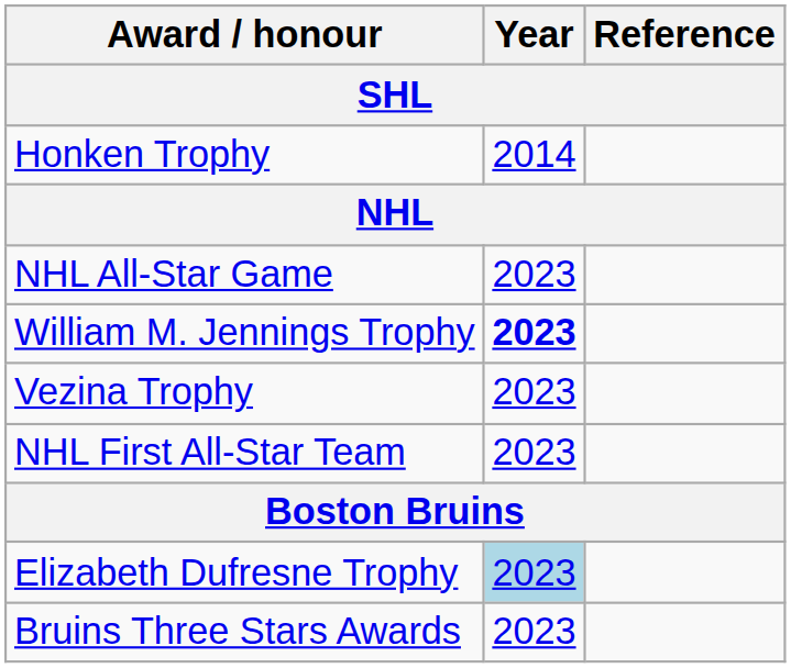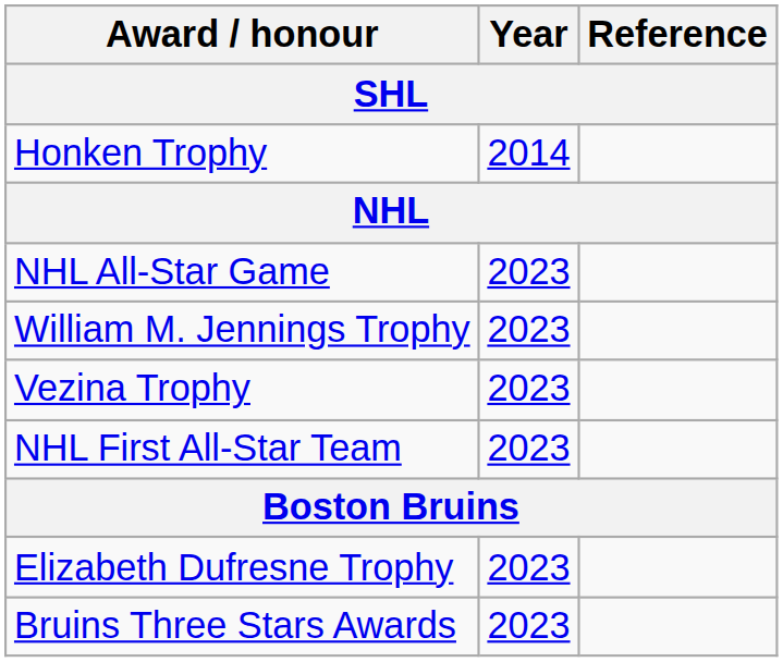 <table class="wikitable">
 <tr>
 <th scope="col">Award / honour</th>
 <th scope="col">Year</th>
 <th scope="col">Reference</th>
 </tr>
 <tr>
 <th colspan="3"><a href='#'>SHL</a></th>
 </tr>
 <tr>
 <td><a href='#'>Honken Trophy</a></td>
 <td><a href='#'>2014</a></td>
 <td></td>
 </tr>
 <tr>
 <th colspan="3"><a href='#'>NHL</a></th>
 </tr>
 <tr>
 <td><a href='#'>NHL All-Star Game</a></td>
 <td><a href='#'>2023</a></td>
 <td></td>
 </tr>
 <tr>
 <td><a href='#'>William M. Jennings Trophy</a></td>
-<td><strong><a href='#'>2023</a></strong></td>
+<td><a href='#'>2023</a></td>
 <td></td>
 </tr>
 <tr>
 <td><a href='#'>Vezina Trophy</a></td>
 <td><a href='#'>2023</a></td>
 <td></td>
 </tr>
 <tr>
 <td><a href='#'>NHL First All-Star Team</a></td>
 <td><a href='#'>2023</a></td>
 <td></td>
 </tr>
 <tr>
 <th colspan="3"><a href='#'>Boston Bruins</a></th>
 </tr>
 <tr>
 <td><a href='#'>Elizabeth Dufresne Trophy</a></td>
-<td style="background: lightblue;"><a href='#'>2023</a></td>
+<td><a href='#'>2023</a></td>
 <td></td>
 </tr>
 <tr>
 <td><a href='#'>Bruins Three Stars Awards</a></td>
 <td><a href='#'>2023</a></td>
 <td></td>
 </tr>
 </table>
